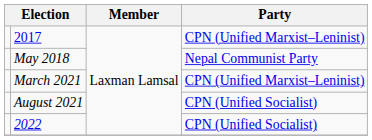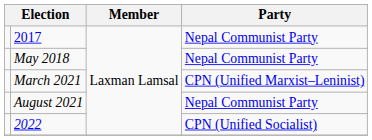 <table class="wikitable">
 <tr>
 <th colspan="2">Election</th>
 <th>Member</th>
 <th>Party</th>
 </tr>
 <tr>
 <td style="background-color:"></td>
 <td><a href='#'>2017</a></td>
 <td rowspan="5">Laxman Lamsal</td>
-<td><a href='#'>CPN (Unified Marxist–Leninist)</a></td>
+<td><a href='#'>Nepal Communist Party</a></td>
 </tr>
 <tr>
 <td style="background-color:"></td>
 <td><em>May 2018</em></td>
 <td><a href='#'>Nepal Communist Party</a></td>
 </tr>
 <tr>
 <td style="background-color:"></td>
 <td><em>March 2021</em></td>
 <td><a href='#'>CPN (Unified Marxist–Leninist)</a></td>
 </tr>
 <tr>
 <td style="background-color:"></td>
 <td><em>August 2021</em></td>
-<td><a href='#'>CPN (Unified Socialist)</a></td>
+<td><a href='#'>Nepal Communist Party</a></td>
 </tr>
 <tr>
 <td style="background-color:"></td>
 <td><em><a href='#'>2022</a></em></td>
 <td><a href='#'>CPN (Unified Socialist)</a></td>
 </tr>
 <tr>
 </tr>
 </table>
